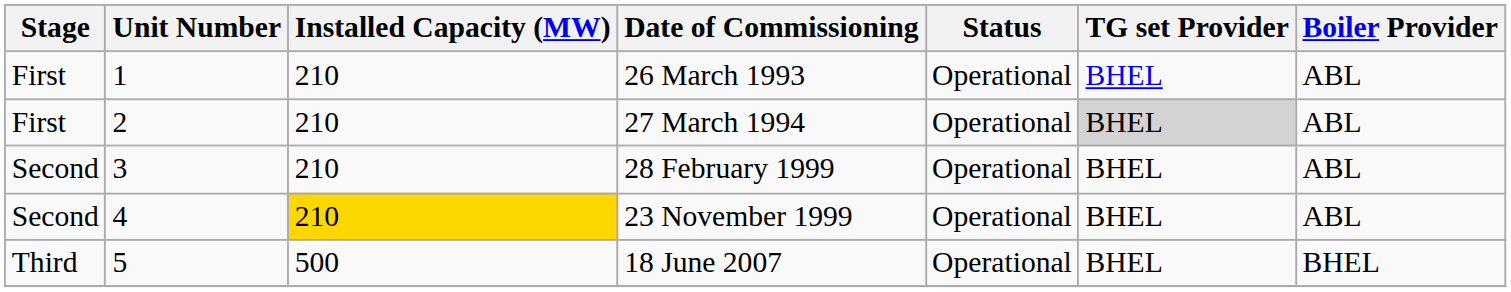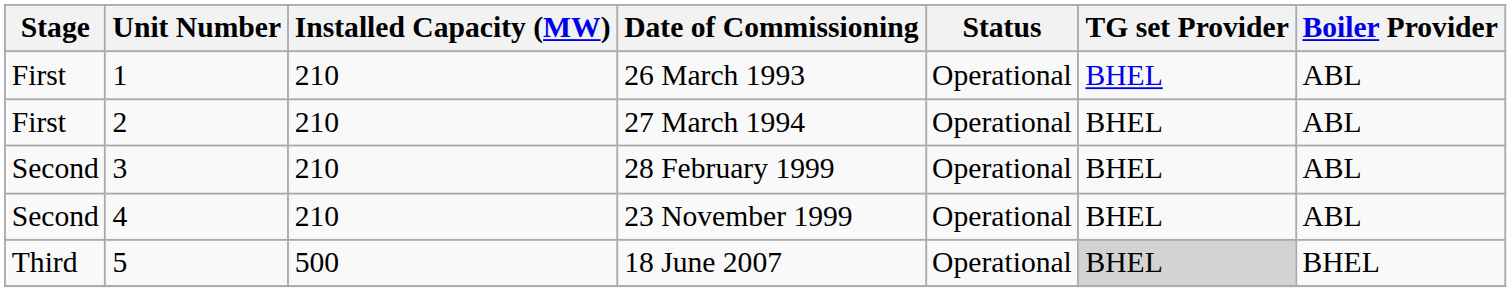 <table class="sortable wikitable">
 <tr>
 <th>Stage</th>
 <th>Unit Number</th>
 <th>Installed Capacity (<a href='#'>MW</a>)</th>
 <th>Date of Commissioning</th>
 <th>Status</th>
 <th>TG set Provider</th>
 <th><a href='#'>Boiler</a> Provider</th>
 </tr>
 <tr>
 <td>First</td>
 <td>1</td>
 <td>210</td>
 <td>26 March 1993</td>
 <td>Operational</td>
 <td><a href='#'>BHEL</a></td>
 <td>ABL</td>
 </tr>
 <tr>
 <td>First</td>
 <td>2</td>
 <td>210</td>
 <td>27 March 1994</td>
 <td>Operational</td>
-<td style="background: lightgrey;">BHEL</td>
+<td>BHEL</td>
 <td>ABL</td>
 </tr>
 <tr>
 <td>Second</td>
 <td>3</td>
 <td>210</td>
 <td>28 February 1999</td>
 <td>Operational</td>
 <td>BHEL</td>
 <td>ABL</td>
 </tr>
 <tr>
 <td>Second</td>
 <td>4</td>
-<td style="background: gold;">210</td>
+<td>210</td>
 <td>23 November 1999</td>
 <td>Operational</td>
 <td>BHEL</td>
 <td>ABL</td>
 </tr>
 <tr>
 <td>Third</td>
 <td>5</td>
 <td>500</td>
 <td>18 June 2007</td>
 <td>Operational</td>
-<td>BHEL</td>
+<td style="background: lightgrey;">BHEL</td>
 <td>BHEL</td>
 </tr>
 <tr>
 </tr>
 </table>
